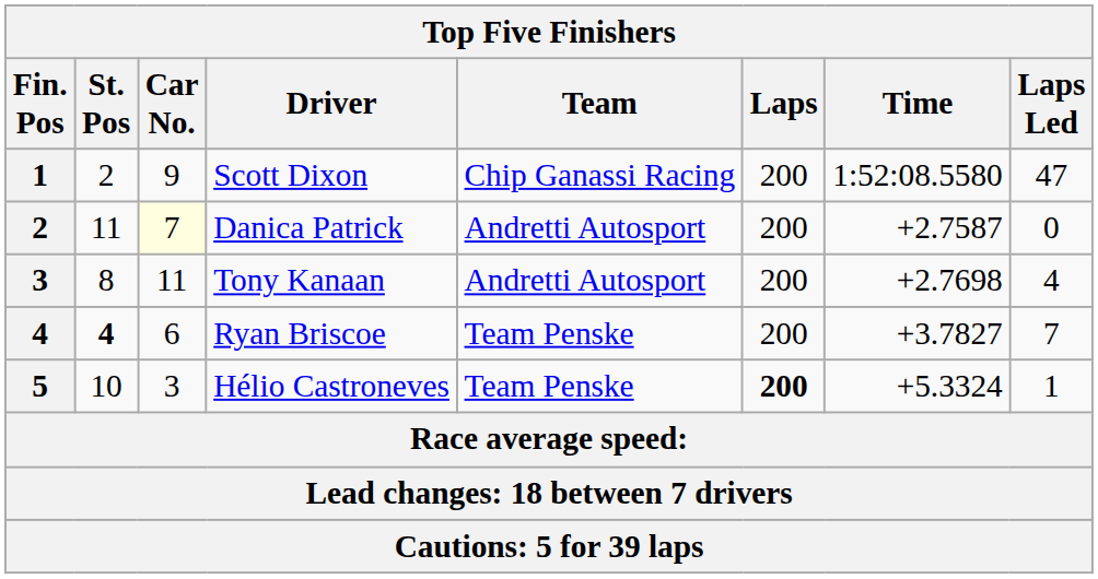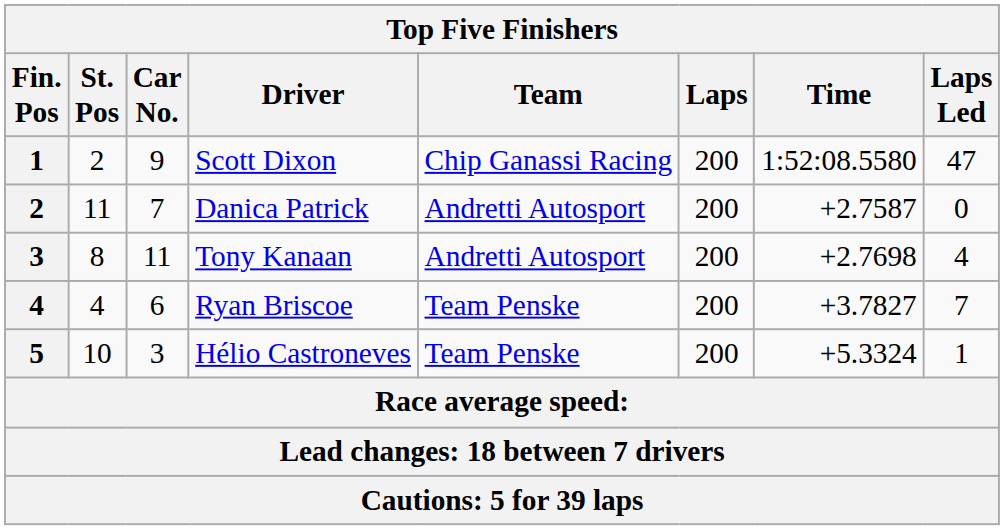 <table class="wikitable" style="font-size:95%;">
 <tr>
 <th colspan=9>Top Five Finishers</th>
 </tr>
 <tr>
 <th>Fin.<br>Pos</th>
 <th>St.<br>Pos</th>
 <th>Car<br>No.</th>
 <th>Driver</th>
 <th>Team</th>
 <th>Laps</th>
 <th>Time</th>
 <th>Laps<br>Led</th>
 </tr>
 <tr>
 <th>1</th>
 <td align=center>2</td>
 <td align=center>9</td>
 <td> <a href='#'>Scott Dixon</a></td>
 <td><a href='#'>Chip Ganassi Racing</a></td>
 <td align=center>200</td>
 <td align=right>1:52:08.5580</td>
 <td align=center>47</td>
 </tr>
 <tr>
 <th>2</th>
 <td align=center>11</td>
-<td align=center style="background: lightyellow;">7</td>
+<td align=center>7</td>
 <td> <a href='#'>Danica Patrick</a></td>
 <td><a href='#'>Andretti Autosport</a></td>
 <td align=center>200</td>
 <td align=right>+2.7587</td>
 <td align=center>0</td>
 </tr>
 <tr>
 <th>3</th>
 <td align=center>8</td>
 <td align=center>11</td>
 <td> <a href='#'>Tony Kanaan</a></td>
 <td><a href='#'>Andretti Autosport</a></td>
 <td align=center>200</td>
 <td align=right>+2.7698</td>
 <td align=center>4</td>
 </tr>
 <tr>
 <th>4</th>
-<td align=center><strong>4</strong></td>
+<td align=center>4</td>
 <td align=center>6</td>
 <td> <a href='#'>Ryan Briscoe</a></td>
 <td><a href='#'>Team Penske</a></td>
 <td align=center>200</td>
 <td align=right>+3.7827</td>
 <td align=center>7</td>
 </tr>
 <tr>
 <th>5</th>
 <td align=center>10</td>
 <td align=center>3</td>
 <td> <a href='#'>Hélio Castroneves</a></td>
 <td><a href='#'>Team Penske</a></td>
-<td align=center><strong>200</strong></td>
+<td align=center>200</td>
 <td align=right>+5.3324</td>
 <td align=center>1</td>
 </tr>
 <tr>
 <th colspan=9>Race average speed: </th>
 </tr>
 <tr>
 <th colspan=9>Lead changes: 18 between 7 drivers</th>
 </tr>
 <tr>
 <th colspan=9>Cautions: 5 for 39 laps</th>
 </tr>
 </table>
